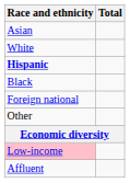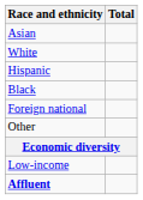 <table class="wikitable floatright sortable collapsible"; text-align:right; font-size:80%;">
 <tr>
 <th>Race and ethnicity</th>
 <th colspan="2" data-sort-type=number>Total</th>
 </tr>
 <tr>
 <td><a href='#'>Asian</a></td>
 <td align=right></td>
 </tr>
 <tr>
 <td><a href='#'>White</a></td>
 <td align=right></td>
 </tr>
 <tr>
-<td><strong><a href='#'>Hispanic</a></strong></td>
+<td><a href='#'>Hispanic</a></td>
 <td align=right></td>
 </tr>
 <tr>
 <td><a href='#'>Black</a></td>
 <td align=right></td>
 </tr>
 <tr>
 <td><a href='#'>Foreign national</a></td>
 <td align=right></td>
 </tr>
 <tr>
 <td>Other</td>
 <td align=right></td>
 </tr>
 <tr>
 <th colspan="4" data-sort-type=number><a href='#'>Economic diversity</a></th>
 </tr>
 <tr>
-<td style="background: pink;"><a href='#'>Low-income</a></td>
+<td><a href='#'>Low-income</a></td>
 <td align=right></td>
 </tr>
 <tr>
-<td><a href='#'>Affluent</a></td>
+<td><strong><a href='#'>Affluent</a></strong></td>
 <td align=right></td>
 </tr>
 </table>
